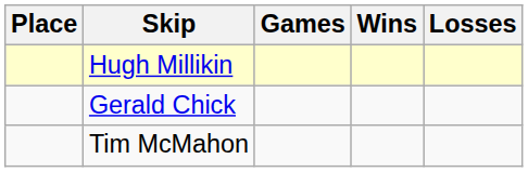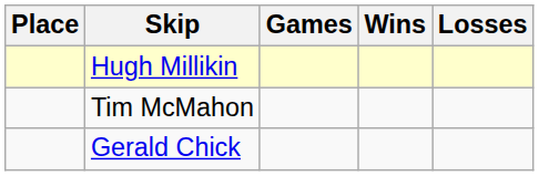 <table class="wikitable" style="text-align:center;">
 <tr>
 <th>Place</th>
 <th>Skip</th>
 <th>Games</th>
 <th>Wins</th>
 <th>Losses</th>
 </tr>
 <tr bgcolor=#ffffcc>
 <td></td>
 <td align=left><a href='#'>Hugh Millikin</a></td>
 <td></td>
 <td></td>
 <td></td>
 </tr>
 <tr>
 <td></td>
-<td align=left><a href='#'>Gerald Chick</a></td>
+<td align=left>Tim McMahon</td>
 <td></td>
 <td></td>
 <td></td>
 </tr>
 <tr>
 <td></td>
-<td align=left>Tim McMahon</td>
+<td align=left><a href='#'>Gerald Chick</a></td>
 <td></td>
 <td></td>
 <td></td>
 </tr>
 </table>
